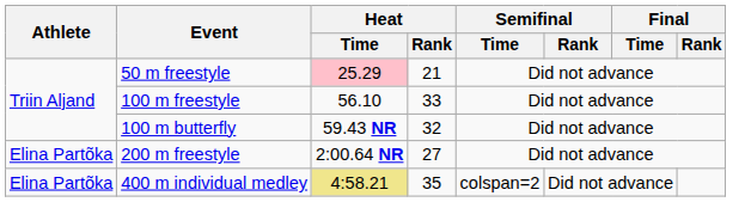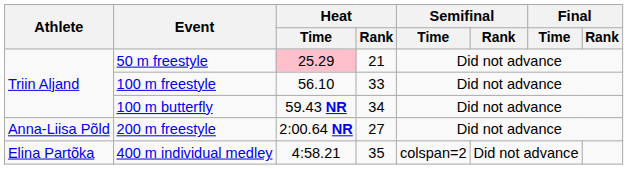 <table class=wikitable style="font-size:90%">
 <tr>
 <th rowspan="2">Athlete</th>
 <th rowspan="2">Event</th>
 <th colspan="2">Heat</th>
 <th colspan="2">Semifinal</th>
 <th colspan="2">Final</th>
 </tr>
 <tr style="font-size:95%">
 <th>Time</th>
 <th>Rank</th>
 <th>Time</th>
 <th>Rank</th>
 <th>Time</th>
 <th>Rank</th>
 </tr>
 <tr align=center>
 <td align=left rowspan=3><a href='#'>Triin Aljand</a></td>
 <td align=left><a href='#'>50 m freestyle</a></td>
 <td style="background: pink;">25.29</td>
 <td>21</td>
 <td colspan=4>Did not advance</td>
 </tr>
 <tr align=center>
 <td align=left><a href='#'>100 m freestyle</a></td>
 <td>56.10</td>
 <td>33</td>
 <td colspan=4>Did not advance</td>
 </tr>
 <tr align=center>
 <td align=left><a href='#'>100 m butterfly</a></td>
 <td>59.43 <strong><a href='#'>NR</a></strong></td>
-<td>32</td>
+<td>34</td>
 <td colspan=4>Did not advance</td>
 </tr>
 <tr align=center>
-<td align=left><a href='#'>Elina Partõka</a></td>
+<td align=left><a href='#'>Anna-Liisa Põld</a></td>
 <td align=left><a href='#'>200 m freestyle</a></td>
 <td>2:00.64 <strong><a href='#'>NR</a></strong></td>
 <td>27</td>
 <td colspan=4>Did not advance</td>
 </tr>
 <tr align=center>
 <td align=left><a href='#'>Elina Partõka</a></td>
 <td align=left><a href='#'>400 m individual medley</a></td>
-<td style="background: khaki;">4:58.21</td>
+<td>4:58.21</td>
 <td>35</td>
 <td>colspan=2 </td>
 <td colspan=2>Did not advance</td>
 </tr>
 </table>
